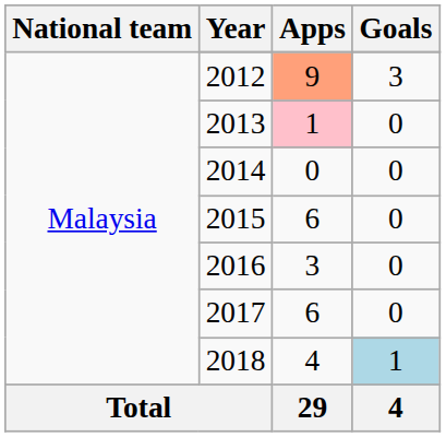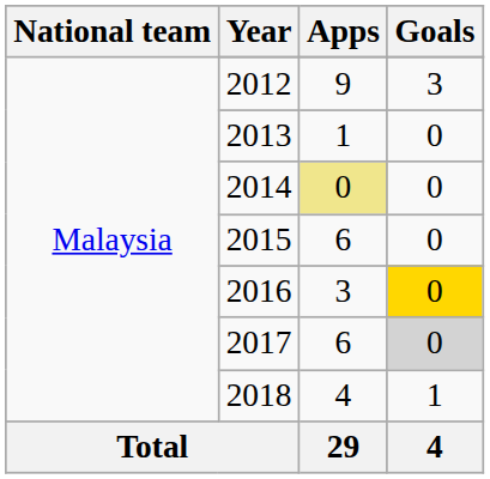 <table class="wikitable" style="text-align: center;">
 <tr>
 <th>National team</th>
 <th>Year</th>
 <th>Apps</th>
 <th>Goals</th>
 </tr>
 <tr>
 <td rowspan=8><a href='#'>Malaysia</a></td>
 </tr>
 <tr>
 <td>2012</td>
-<td style="background: lightsalmon;">9</td>
+<td>9</td>
 <td>3</td>
 </tr>
 <tr>
 <td>2013</td>
-<td style="background: pink;">1</td>
+<td>1</td>
 <td>0</td>
 </tr>
 <tr>
 <td>2014</td>
-<td>0</td>
+<td style="background: khaki;">0</td>
 <td>0</td>
 </tr>
 <tr>
 <td>2015</td>
 <td>6</td>
 <td>0</td>
 </tr>
 <tr>
 <td>2016</td>
 <td>3</td>
-<td>0</td>
+<td style="background: gold;">0</td>
 </tr>
 <tr>
 <td>2017</td>
 <td>6</td>
-<td>0</td>
+<td style="background: lightgrey;">0</td>
 </tr>
 <tr>
 <td>2018</td>
 <td>4</td>
-<td style="background: lightblue;">1</td>
+<td>1</td>
 </tr>
 <tr>
 <th colspan=2>Total</th>
 <th>29</th>
 <th>4</th>
 </tr>
 </table>
